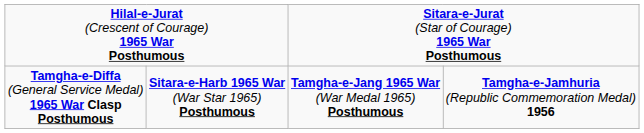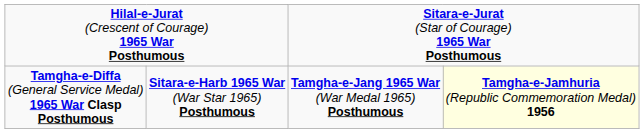 <table class="wikitable" style="margin:1em auto; text-align:center;">
 <tr>
 <td colspan="2"><strong><a href='#'>Hilal-e-Jurat</a></strong><br><em>(Crescent of Courage)</em><br><strong><a href='#'>1965 War</a></strong><br><strong><u>Posthumous</u></strong></td>
 <td colspan="2"><strong><a href='#'>Sitara-e-Jurat</a></strong><br><em>(Star of Courage)</em><br><strong><a href='#'>1965 War</a></strong><br><strong><u>Posthumous</u></strong></td>
 </tr>
 <tr>
 <td><strong><a href='#'>Tamgha-e-Diffa</a></strong><br><em>(General Service Medal)</em><br><strong><a href='#'>1965 War</a> Clasp</strong><br><strong><u>Posthumous</u></strong></td>
 <td><strong><a href='#'>Sitara-e-Harb 1965 War</a></strong><br><em>(War Star 1965)</em><br><strong><u>Posthumous</u></strong></td>
 <td><strong><a href='#'>Tamgha-e-Jang 1965 War</a></strong><br><em>(War Medal 1965)</em><br><strong><u>Posthumous</u></strong></td>
-<td><strong><a href='#'>Tamgha-e-Jamhuria</a></strong><br><em>(Republic Commemoration Medal)</em><br><strong>1956</strong></td>
+<td style="background: lightyellow;"><strong><a href='#'>Tamgha-e-Jamhuria</a></strong><br><em>(Republic Commemoration Medal)</em><br><strong>1956</strong></td>
 </tr>
 </table>
